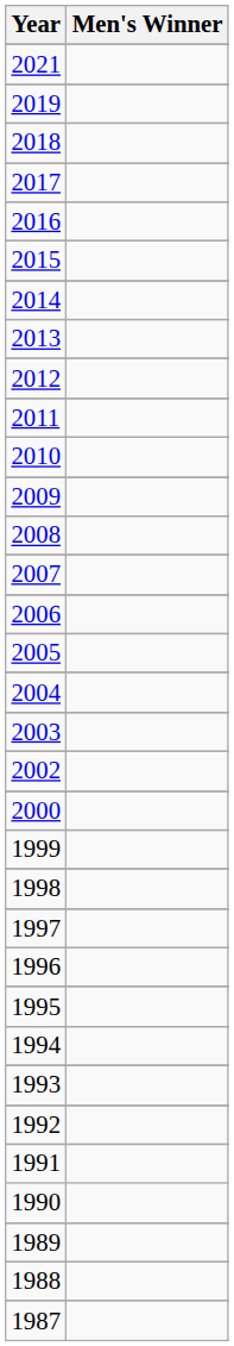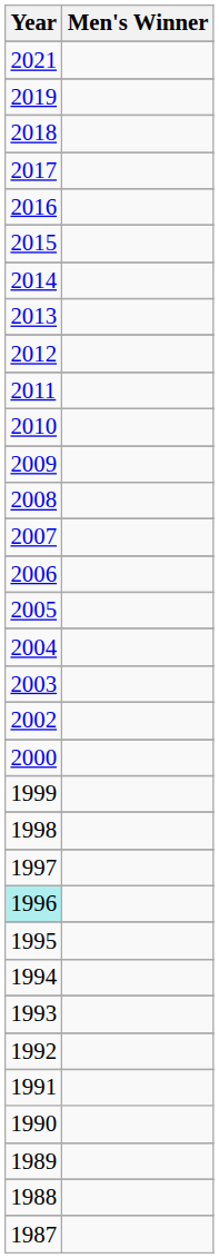 <table class="wikitable sortable">
 <tr>
 <th>Year</th>
 <th>Men's Winner</th>
 </tr>
 <tr>
 </tr>
 <tr>
 <td><a href='#'>2021</a></td>
 <td></td>
 </tr>
 <tr>
 </tr>
 <tr>
 <td><a href='#'>2019</a></td>
 <td></td>
 </tr>
 <tr>
 </tr>
 <tr>
 <td><a href='#'>2018</a></td>
 <td></td>
 </tr>
 <tr>
 </tr>
 <tr>
 <td><a href='#'>2017</a></td>
 <td></td>
 </tr>
 <tr>
 </tr>
 <tr>
 <td><a href='#'>2016</a></td>
 <td></td>
 </tr>
 <tr>
 </tr>
 <tr>
 <td><a href='#'>2015</a></td>
 <td></td>
 </tr>
 <tr>
 </tr>
 <tr>
 <td><a href='#'>2014</a></td>
 <td></td>
 </tr>
 <tr>
 </tr>
 <tr>
 <td><a href='#'>2013</a></td>
 <td></td>
 </tr>
 <tr>
 </tr>
 <tr>
 <td><a href='#'>2012</a></td>
 <td></td>
 </tr>
 <tr>
 </tr>
 <tr>
 <td><a href='#'>2011</a></td>
 <td></td>
 </tr>
 <tr>
 </tr>
 <tr>
 <td><a href='#'>2010</a></td>
 <td></td>
 </tr>
 <tr>
 </tr>
 <tr>
 <td><a href='#'>2009</a></td>
 <td></td>
 </tr>
 <tr>
 </tr>
 <tr>
 <td><a href='#'>2008</a></td>
 <td></td>
 </tr>
 <tr>
 </tr>
 <tr>
 <td><a href='#'>2007</a></td>
 <td></td>
 </tr>
 <tr>
 </tr>
 <tr>
 <td><a href='#'>2006</a></td>
 <td></td>
 </tr>
 <tr>
 </tr>
 <tr>
 <td><a href='#'>2005</a></td>
 <td></td>
 </tr>
 <tr>
 </tr>
 <tr>
 <td><a href='#'>2004</a></td>
 <td></td>
 </tr>
 <tr>
 </tr>
 <tr>
 <td><a href='#'>2003</a></td>
 <td></td>
 </tr>
 <tr>
 </tr>
 <tr>
 <td><a href='#'>2002</a></td>
 <td></td>
 </tr>
 <tr>
 </tr>
 <tr>
 <td><a href='#'>2000</a></td>
 <td></td>
 </tr>
 <tr>
 </tr>
 <tr>
 <td>1999</td>
 <td></td>
 </tr>
 <tr>
 </tr>
 <tr>
 <td>1998</td>
 <td></td>
 </tr>
 <tr>
 </tr>
 <tr>
 <td>1997</td>
 <td></td>
 </tr>
 <tr>
 </tr>
 <tr>
-<td>1996</td>
+<td style="background: paleturquoise;">1996</td>
 <td></td>
 </tr>
 <tr>
 </tr>
 <tr>
 <td>1995</td>
 <td></td>
 </tr>
 <tr>
 </tr>
 <tr>
 <td>1994</td>
 <td></td>
 </tr>
 <tr>
 </tr>
 <tr>
 <td>1993</td>
 <td></td>
 </tr>
 <tr>
 </tr>
 <tr>
 <td>1992</td>
 <td></td>
 </tr>
 <tr>
 </tr>
 <tr>
 <td>1991</td>
 <td></td>
 </tr>
 <tr>
 <td>1990</td>
 <td></td>
 </tr>
 <tr>
 </tr>
 <tr>
 <td>1989</td>
 <td></td>
 </tr>
 <tr>
 </tr>
 <tr>
 <td>1988</td>
 <td></td>
 </tr>
 <tr>
 </tr>
 <tr>
 <td>1987</td>
 <td></td>
 </tr>
 <tr>
 </tr>
 </table>
